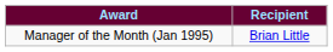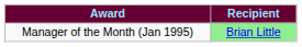 <table class="wikitable"  style="text-align:center; font-size:90%; ">
 <tr>
 <th style="background:#660033;color:#9be1ff; width:250px;">Award</th>
 <th style="background:#660033;color:#9be1ff; width:100px;">Recipient</th>
 </tr>
 <tr>
 <td>Manager of the Month (Jan 1995)</td>
-<td><a href='#'>Brian Little</a></td>
+<td style="background: lightgreen;"><a href='#'>Brian Little</a></td>
 </tr>
 </table>
